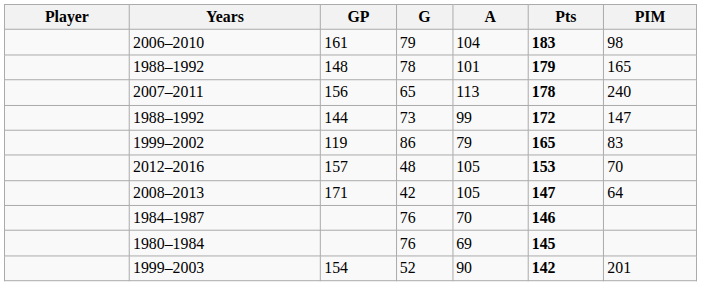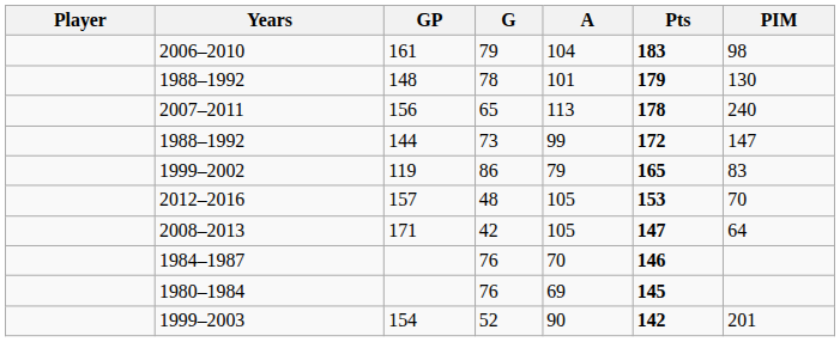 <table class="wikitable sortable" width ="700" cellpadding="1" border="1" cellspacing="0">
 <tr>
 <th>Player</th>
 <th>Years</th>
 <th>GP</th>
 <th>G</th>
 <th>A</th>
 <th>Pts</th>
 <th>PIM</th>
 </tr>
 <tr>
 <td></td>
 <td>2006–2010</td>
 <td>161</td>
 <td>79</td>
 <td>104</td>
 <td><strong>183</strong></td>
 <td>98</td>
 </tr>
 <tr>
 <td></td>
 <td>1988–1992</td>
 <td>148</td>
 <td>78</td>
 <td>101</td>
 <td><strong>179</strong></td>
-<td>165</td>
+<td>130</td>
 </tr>
 <tr>
 <td></td>
 <td>2007–2011</td>
 <td>156</td>
 <td>65</td>
 <td>113</td>
 <td><strong>178</strong></td>
 <td>240</td>
 </tr>
 <tr>
 <td></td>
 <td>1988–1992</td>
 <td>144</td>
 <td>73</td>
 <td>99</td>
 <td><strong>172</strong></td>
 <td>147</td>
 </tr>
 <tr>
 <td></td>
 <td>1999–2002</td>
 <td>119</td>
 <td>86</td>
 <td>79</td>
 <td><strong>165</strong></td>
 <td>83</td>
 </tr>
 <tr>
 <td></td>
 <td>2012–2016</td>
 <td>157</td>
 <td>48</td>
 <td>105</td>
 <td><strong>153</strong></td>
 <td>70</td>
 </tr>
 <tr>
 <td></td>
 <td>2008–2013</td>
 <td>171</td>
 <td>42</td>
 <td>105</td>
 <td><strong>147</strong></td>
 <td>64</td>
 </tr>
 <tr>
 <td></td>
 <td>1984–1987</td>
 <td></td>
 <td>76</td>
 <td>70</td>
 <td><strong>146</strong></td>
 <td></td>
 </tr>
 <tr>
 <td></td>
 <td>1980–1984</td>
 <td></td>
 <td>76</td>
 <td>69</td>
 <td><strong>145</strong></td>
 <td></td>
 </tr>
 <tr>
 <td></td>
 <td>1999–2003</td>
 <td>154</td>
 <td>52</td>
 <td>90</td>
 <td><strong>142</strong></td>
 <td>201</td>
 </tr>
 </table>
